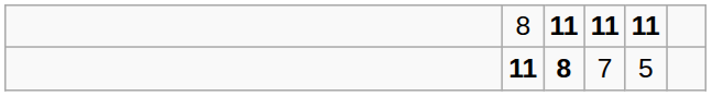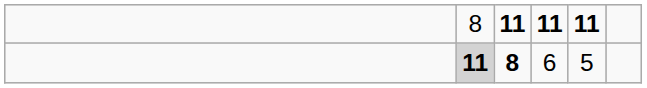 <table class="wikitable">
 <tr>
 <td style="width:18em"></td>
 <td align=center style="width:1em">8</td>
 <td align=center style="width:1em"><strong>11</strong></td>
 <td align=center style="width:1em"><strong>11</strong></td>
 <td align=center style="width:1em"><strong>11</strong></td>
 <td align=center style="width:1em"></td>
 </tr>
 <tr>
 <td style="width:18em"></td>
-<td align=center style="width:1em"><strong>11</strong></td>
+<td align=center style="background: lightgrey; width:1em"><strong>11</strong></td>
 <td align=center style="width:1em"><strong>8</strong></td>
-<td align=center style="width:1em">7</td>
+<td align=center style="width:1em">6</td>
 <td align=center style="width:1em">5</td>
 <td align=center style="width:1em"></td>
 </tr>
 </table>
